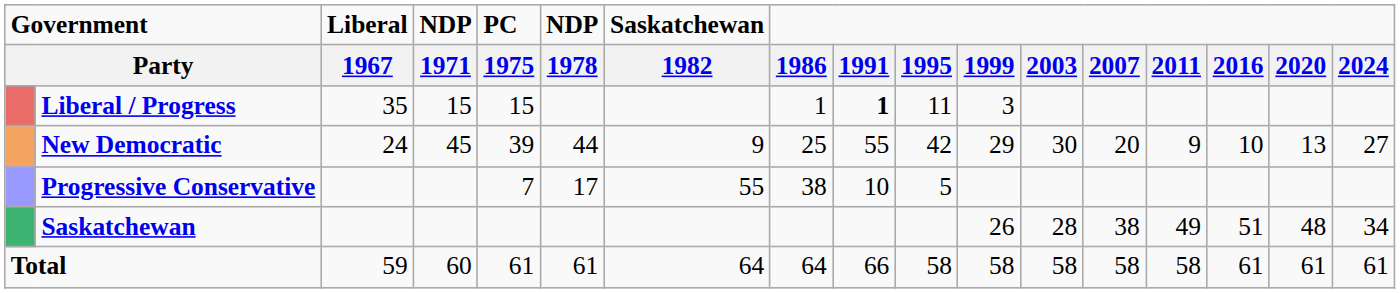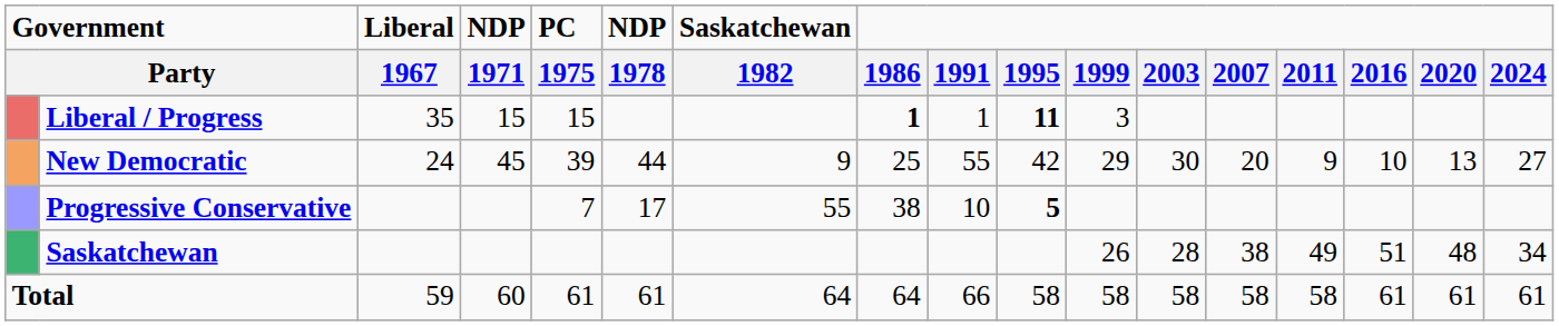 <table class="wikitable">
 <tr>
 <td colspan = "2"><strong>Government</strong></td>
 <td><strong>Liberal</strong></td>
 <td><strong>NDP</strong></td>
 <td><strong>PC</strong></td>
 <td><strong>NDP</strong></td>
 <td><strong>Saskatchewan</strong></td>
 </tr>
 <tr>
 <th colspan = "2">Party</th>
 <th><a href='#'>1967</a></th>
 <th><a href='#'>1971</a></th>
 <th><a href='#'>1975</a></th>
 <th><a href='#'>1978</a></th>
 <th><a href='#'>1982</a></th>
 <th><a href='#'>1986</a></th>
 <th><a href='#'>1991</a></th>
 <th><a href='#'>1995</a></th>
 <th><a href='#'>1999</a></th>
 <th><a href='#'>2003</a></th>
 <th><a href='#'>2007</a></th>
 <th><a href='#'>2011</a></th>
 <th><a href='#'>2016</a></th>
 <th><a href='#'>2020</a></th>
 <th><a href='#'>2024</a></th>
 </tr>
 <tr align = "right">
 <td bgcolor="#EA6D6A">   </td>
 <td align="left"><strong><a href='#'>Liberal / Progress</a></strong></td>
 <td>35</td>
 <td>15</td>
 <td>15</td>
 <td></td>
 <td></td>
+<td><strong>1</strong></td>
 <td>1</td>
-<td><strong>1</strong></td>
-<td>11</td>
+<td><strong>11</strong></td>
 <td>3</td>
 <td></td>
 <td></td>
 <td></td>
 <td></td>
 <td></td>
 <td></td>
 </tr>
 <tr align = "right">
 <td bgcolor="#F4A460">   </td>
 <td align="left"><strong><a href='#'>New Democratic</a></strong></td>
 <td>24</td>
 <td>45</td>
 <td>39</td>
 <td>44</td>
 <td>9</td>
 <td>25</td>
 <td>55</td>
 <td>42</td>
 <td>29</td>
 <td>30</td>
 <td>20</td>
 <td>9</td>
 <td>10</td>
 <td>13</td>
 <td>27</td>
 </tr>
 <tr align = "right">
 <td bgcolor="#9999FF">   </td>
 <td align="left"><strong><a href='#'>Progressive Conservative</a></strong></td>
 <td></td>
 <td></td>
 <td>7</td>
 <td>17</td>
 <td>55</td>
 <td>38</td>
 <td>10</td>
-<td>5</td>
+<td><strong>5</strong></td>
 <td></td>
 <td></td>
 <td></td>
 <td></td>
 <td></td>
 <td></td>
 <td></td>
 </tr>
 <tr align = "right">
 <td bgcolor="#3CB371">   </td>
 <td align="left"><strong><a href='#'>Saskatchewan</a></strong></td>
 <td></td>
 <td></td>
 <td></td>
 <td></td>
 <td></td>
 <td></td>
 <td></td>
 <td></td>
 <td>26</td>
 <td>28</td>
 <td>38</td>
 <td>49</td>
 <td>51</td>
 <td>48</td>
 <td>34</td>
 </tr>
 <tr align = "right">
 <td colspan = "2" align="left"><strong>Total</strong></td>
 <td>59</td>
 <td>60</td>
 <td>61</td>
 <td>61</td>
 <td>64</td>
 <td>64</td>
 <td>66</td>
 <td>58</td>
 <td>58</td>
 <td>58</td>
 <td>58</td>
 <td>58</td>
 <td>61</td>
 <td>61</td>
 <td>61</td>
 </tr>
 </table>
